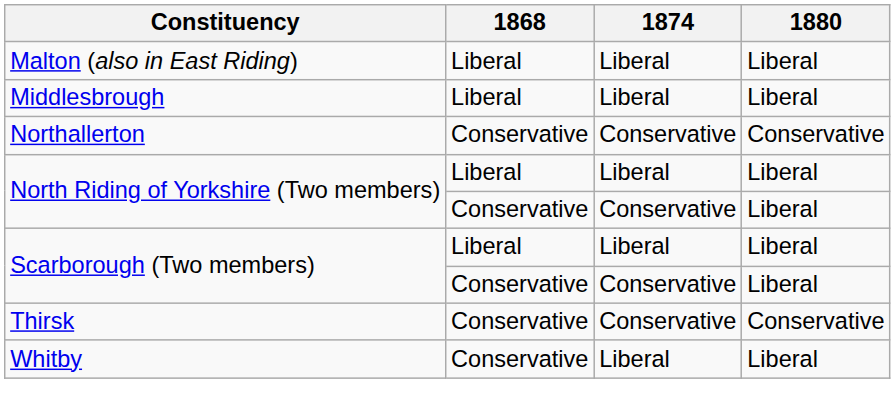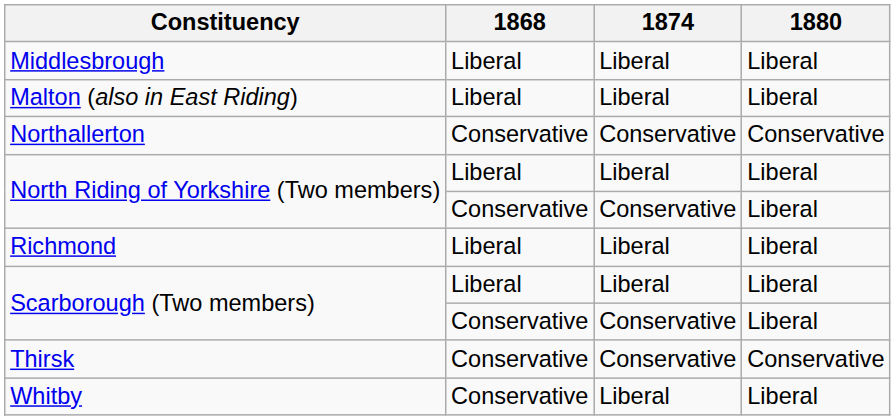 <table class="wikitable">
 <tr>
 <th>Constituency</th>
 <th>1868</th>
 <th>1874</th>
 <th>1880</th>
 </tr>
 <tr>
-<td><a href='#'>Malton</a> (<em>also in East Riding</em>)</td>
+<td><a href='#'>Middlesbrough</a></td>
 <td>Liberal</td>
 <td>Liberal</td>
 <td>Liberal</td>
 </tr>
 <tr>
-<td><a href='#'>Middlesbrough</a></td>
+<td><a href='#'>Malton</a> (<em>also in East Riding</em>)</td>
 <td>Liberal</td>
 <td>Liberal</td>
 <td>Liberal</td>
 </tr>
 <tr>
 <td><a href='#'>Northallerton</a></td>
 <td>Conservative</td>
 <td>Conservative</td>
 <td>Conservative</td>
 </tr>
 <tr>
 <td rowspan="2"><a href='#'>North Riding of Yorkshire</a> (Two members)</td>
 <td>Liberal</td>
 <td>Liberal</td>
 <td>Liberal</td>
 </tr>
 <tr>
 <td>Conservative</td>
 <td>Conservative</td>
+<td>Liberal</td>
+</tr>
+<tr>
+<td><a href='#'>Richmond</a></td>
+<td>Liberal</td>
+<td>Liberal</td>
 <td>Liberal</td>
 </tr>
 <tr>
 <td rowspan="2"><a href='#'>Scarborough</a> (Two members)</td>
 <td>Liberal</td>
 <td>Liberal</td>
 <td>Liberal</td>
 </tr>
 <tr>
 <td>Conservative</td>
 <td>Conservative</td>
 <td>Liberal</td>
 </tr>
 <tr>
 <td><a href='#'>Thirsk</a></td>
 <td>Conservative</td>
 <td>Conservative</td>
 <td>Conservative</td>
 </tr>
 <tr>
 <td><a href='#'>Whitby</a></td>
 <td>Conservative</td>
 <td>Liberal</td>
 <td>Liberal</td>
 </tr>
 </table>
